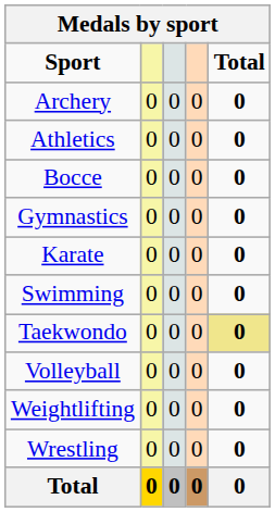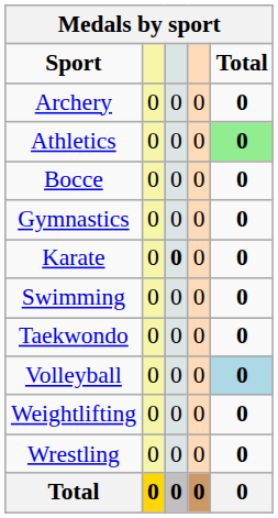 <table class="wikitable" style="font-size:85%">
 <tr style="background:#efefef;">
 <th colspan=7><strong>Medals by sport</strong></th>
 </tr>
 <tr align=center>
 <td><strong>Sport</strong></td>
 <td bgcolor=#f7f6a8></td>
 <td bgcolor=#dce5e5></td>
 <td bgcolor=#ffdab9></td>
 <td><strong>Total</strong></td>
 </tr>
 <tr align=center>
 <td><a href='#'>Archery</a></td>
 <td style="background:#F7F6A8;">0</td>
 <td style="background:#DCE5E5;">0</td>
 <td style="background:#FFDAB9;">0</td>
 <td><strong>0</strong></td>
 </tr>
 <tr align=center>
 <td><a href='#'>Athletics</a></td>
 <td style="background:#F7F6A8;">0</td>
 <td style="background:#DCE5E5;">0</td>
 <td style="background:#FFDAB9;">0</td>
-<td><strong>0</strong></td>
+<td style="background: lightgreen;"><strong>0</strong></td>
 </tr>
 <tr align=center>
 <td><a href='#'>Bocce</a></td>
 <td style="background:#F7F6A8;">0</td>
 <td style="background:#DCE5E5;">0</td>
 <td style="background:#FFDAB9;">0</td>
 <td><strong>0</strong></td>
 </tr>
 <tr align=center>
 <td><a href='#'>Gymnastics</a></td>
 <td style="background:#F7F6A8;">0</td>
 <td style="background:#DCE5E5;">0</td>
 <td style="background:#FFDAB9;">0</td>
 <td><strong>0</strong></td>
 </tr>
 <tr align=center>
 <td><a href='#'>Karate</a></td>
 <td style="background:#F7F6A8;">0</td>
-<td style="background:#DCE5E5;">0</td>
+<td style="background:#DCE5E5;"><strong>0</strong></td>
 <td style="background:#FFDAB9;">0</td>
 <td><strong>0</strong></td>
 </tr>
 <tr align=center>
 <td><a href='#'>Swimming</a></td>
 <td style="background:#F7F6A8;">0</td>
 <td style="background:#DCE5E5;">0</td>
 <td style="background:#FFDAB9;">0</td>
 <td><strong>0</strong></td>
 </tr>
 <tr align=center>
 <td><a href='#'>Taekwondo</a></td>
 <td style="background:#F7F6A8;">0</td>
 <td style="background:#DCE5E5;">0</td>
 <td style="background:#FFDAB9;">0</td>
-<td style="background: khaki;"><strong>0</strong></td>
+<td><strong>0</strong></td>
 </tr>
 <tr align=center>
 <td><a href='#'>Volleyball</a></td>
 <td style="background:#F7F6A8;">0</td>
 <td style="background:#DCE5E5;">0</td>
 <td style="background:#FFDAB9;">0</td>
-<td><strong>0</strong></td>
+<td style="background: lightblue;"><strong>0</strong></td>
 </tr>
 <tr align=center>
 <td><a href='#'>Weightlifting</a></td>
 <td style="background:#F7F6A8;">0</td>
 <td style="background:#DCE5E5;">0</td>
 <td style="background:#FFDAB9;">0</td>
 <td><strong>0</strong></td>
 </tr>
 <tr align=center>
 <td><a href='#'>Wrestling</a></td>
 <td style="background:#F7F6A8;">0</td>
 <td style="background:#DCE5E5;">0</td>
 <td style="background:#FFDAB9;">0</td>
 <td><strong>0</strong></td>
 </tr>
 <tr align=center>
 <th><strong>Total</strong></th>
 <th style="background:gold;"><strong>0</strong></th>
 <th style="background:silver;"><strong>0</strong></th>
 <th style="background:#c96;"><strong>0</strong></th>
 <th><strong>0</strong></th>
 </tr>
 </table>
